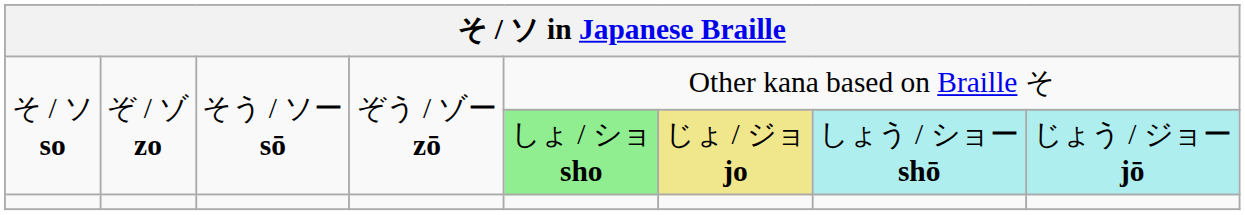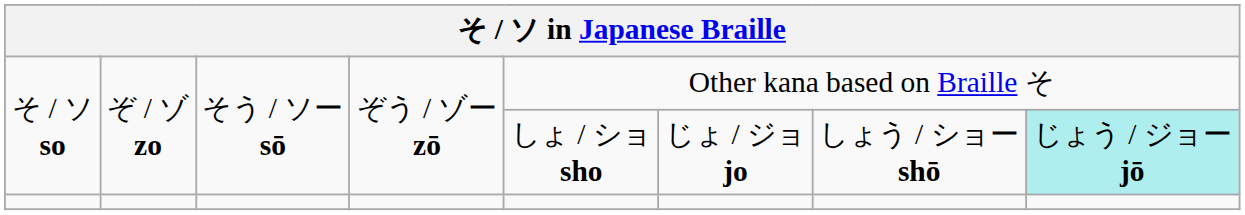 <table class="wikitable nowrap" style="text-align:center">
 <tr>
 <th colspan=8>そ / ソ in <a href='#'>Japanese Braille</a></th>
 </tr>
 <tr>
 <td rowspan=2>そ / ソ <br><strong>so</strong></td>
 <td rowspan=2>ぞ / ゾ <br><strong>zo</strong></td>
 <td rowspan=2>そう / ソー <br><strong>sō</strong></td>
 <td rowspan=2>ぞう / ゾー <br><strong>zō</strong></td>
 <td colspan=4>Other kana based on <a href='#'>Braille</a> そ</td>
 </tr>
 <tr>
-<td style="background: lightgreen;">しょ / ショ <br><strong>sho</strong></td>
-<td style="background: khaki;">じょ / ジョ <br><strong>jo</strong></td>
-<td style="background: paleturquoise;">しょう / ショー <br><strong>shō</strong></td>
+<td>しょ / ショ <br><strong>sho</strong></td>
+<td>じょ / ジョ <br><strong>jo</strong></td>
+<td>しょう / ショー <br><strong>shō</strong></td>
 <td style="background: paleturquoise;">じょう / ジョー <br><strong>jō</strong></td>
 </tr>
 <tr>
 <td></td>
 <td></td>
 <td></td>
 <td></td>
 <td></td>
 <td></td>
 <td></td>
 <td></td>
 </tr>
 </table>
